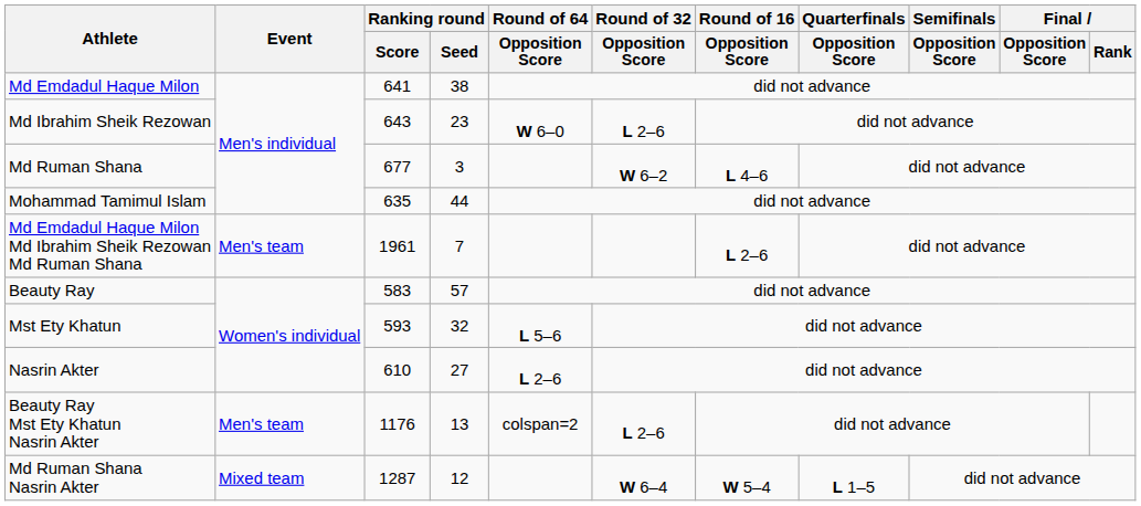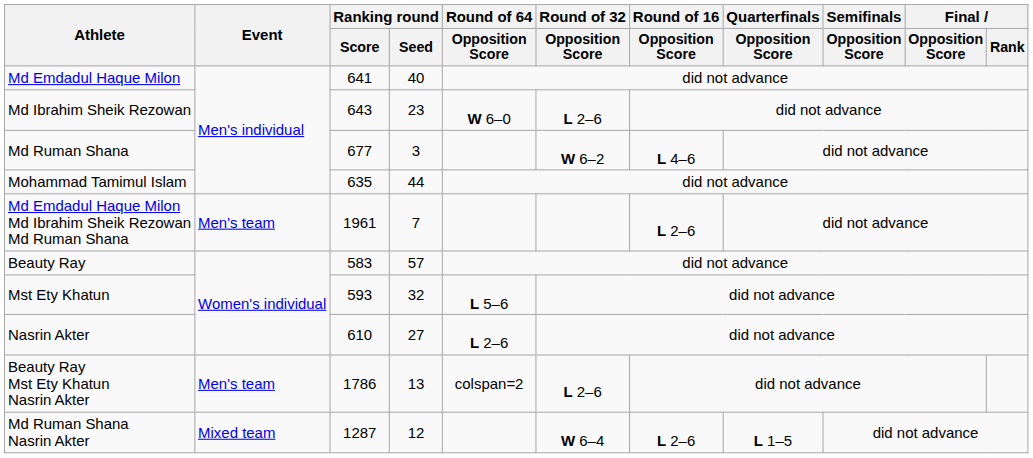 <table class="wikitable" style="font-size:90%; text-align:center;">
 <tr>
 <th rowspan="2">Athlete</th>
 <th rowspan="2">Event</th>
 <th colspan="2">Ranking round</th>
 <th>Round of 64</th>
 <th>Round of 32</th>
 <th>Round of 16</th>
 <th>Quarterfinals</th>
 <th>Semifinals</th>
 <th colspan=2>Final / </th>
 </tr>
 <tr style=font-size:95%>
 <th>Score</th>
 <th>Seed</th>
 <th>Opposition<br>Score</th>
 <th>Opposition<br>Score</th>
 <th>Opposition<br>Score</th>
 <th>Opposition<br>Score</th>
 <th>Opposition<br>Score</th>
 <th>Opposition<br>Score</th>
 <th>Rank</th>
 </tr>
 <tr>
 <td align=left><a href='#'>Md Emdadul Haque Milon</a></td>
 <td align=left rowspan=4><a href='#'>Men's individual</a></td>
 <td>641</td>
-<td>38</td>
+<td>40</td>
 <td colspan=7>did not advance</td>
 </tr>
 <tr>
 <td align=left>Md Ibrahim Sheik Rezowan</td>
 <td>643</td>
 <td>23</td>
 <td><br><strong>W</strong> 6–0</td>
 <td><br><strong>L</strong> 2–6</td>
 <td colspan=7>did not advance</td>
 </tr>
 <tr>
 <td align=left>Md Ruman Shana</td>
 <td>677</td>
 <td>3</td>
 <td></td>
 <td><br><strong>W</strong> 6–2</td>
 <td><br><strong>L</strong> 4–6</td>
 <td colspan=4>did not advance</td>
 </tr>
 <tr>
 <td align=left>Mohammad Tamimul Islam</td>
 <td>635</td>
 <td>44</td>
 <td colspan=7>did not advance</td>
 </tr>
 <tr>
 <td align=left><a href='#'>Md Emdadul Haque Milon</a><br>Md Ibrahim Sheik Rezowan<br>Md Ruman Shana</td>
 <td align=left><a href='#'>Men's team</a></td>
 <td>1961</td>
 <td>7</td>
 <td></td>
 <td></td>
 <td><br><strong>L</strong> 2–6</td>
 <td colspan=4>did not advance</td>
 </tr>
 <tr>
 <td align=left>Beauty Ray</td>
 <td align=left rowspan=3><a href='#'>Women's individual</a></td>
 <td>583</td>
 <td>57</td>
 <td colspan=7>did not advance</td>
 </tr>
 <tr>
 <td align=left>Mst Ety Khatun</td>
 <td>593</td>
 <td>32</td>
 <td><br><strong>L</strong> 5–6</td>
 <td colspan=6>did not advance</td>
 </tr>
 <tr>
 <td align=left>Nasrin Akter</td>
 <td>610</td>
 <td>27</td>
 <td><br><strong>L</strong> 2–6</td>
 <td colspan=6>did not advance</td>
 </tr>
 <tr>
 <td align=left>Beauty Ray<br>Mst Ety Khatun<br>Nasrin Akter</td>
 <td align=left><a href='#'>Men's team</a></td>
-<td>1176</td>
+<td>1786</td>
 <td>13</td>
 <td>colspan=2</td>
 <td><br><strong>L</strong> 2–6</td>
 <td colspan=4>did not advance</td>
 </tr>
 <tr>
 <td align=left>Md Ruman Shana<br>Nasrin Akter</td>
 <td align=left><a href='#'>Mixed team</a></td>
 <td>1287</td>
 <td>12</td>
 <td></td>
 <td><br><strong>W</strong> 6–4</td>
-<td><br><strong>W</strong> 5–4</td>
+<td><br><strong>L</strong> 2–6</td>
 <td><br><strong>L</strong> 1–5</td>
 <td colspan=3>did not advance</td>
 </tr>
 </table>
